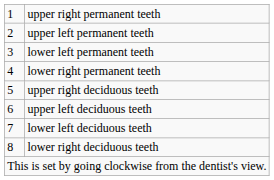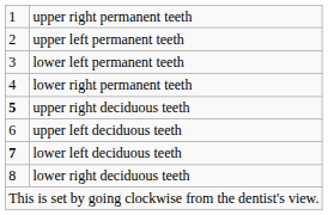 <table class="wikitable">
 <tr>
 <td>1</td>
 <td>upper right permanent teeth</td>
 </tr>
 <tr>
 <td>2</td>
 <td>upper left permanent teeth</td>
 </tr>
 <tr>
 <td>3</td>
 <td>lower left permanent teeth</td>
 </tr>
 <tr>
 <td>4</td>
 <td>lower right permanent teeth</td>
 </tr>
 <tr>
-<td>5</td>
+<td><strong>5</strong></td>
 <td>upper right deciduous teeth</td>
 </tr>
 <tr>
 <td>6</td>
 <td>upper left deciduous teeth</td>
 </tr>
 <tr>
-<td>7</td>
+<td><strong>7</strong></td>
 <td>lower left deciduous teeth</td>
 </tr>
 <tr>
 <td>8</td>
 <td>lower right deciduous teeth</td>
 </tr>
 <tr>
 <td colspan=2>This is set by going clockwise from the dentist's view.</td>
 </tr>
 </table>
